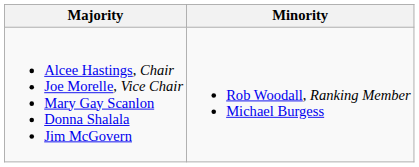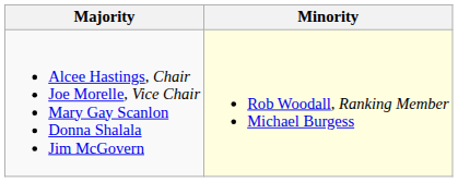 <table class=wikitable>
 <tr>
 <th>Majority</th>
 <th>Minority</th>
 </tr>
 <tr>
 <td><br><ul><li><a href='#'>Alcee Hastings</a>, <em>Chair</em></li><li><a href='#'>Joe Morelle</a>, <em>Vice Chair</em></li><li><a href='#'>Mary Gay Scanlon</a></li><li><a href='#'>Donna Shalala</a></li><li><a href='#'>Jim McGovern</a></li></ul></td>
-<td><br><ul><li><a href='#'>Rob Woodall</a>, <em>Ranking Member</em></li><li><a href='#'>Michael Burgess</a></li></ul></td>
+<td style="background: lightyellow;"><br><ul><li><a href='#'>Rob Woodall</a>, <em>Ranking Member</em></li><li><a href='#'>Michael Burgess</a></li></ul></td>
 </tr>
 </table>
